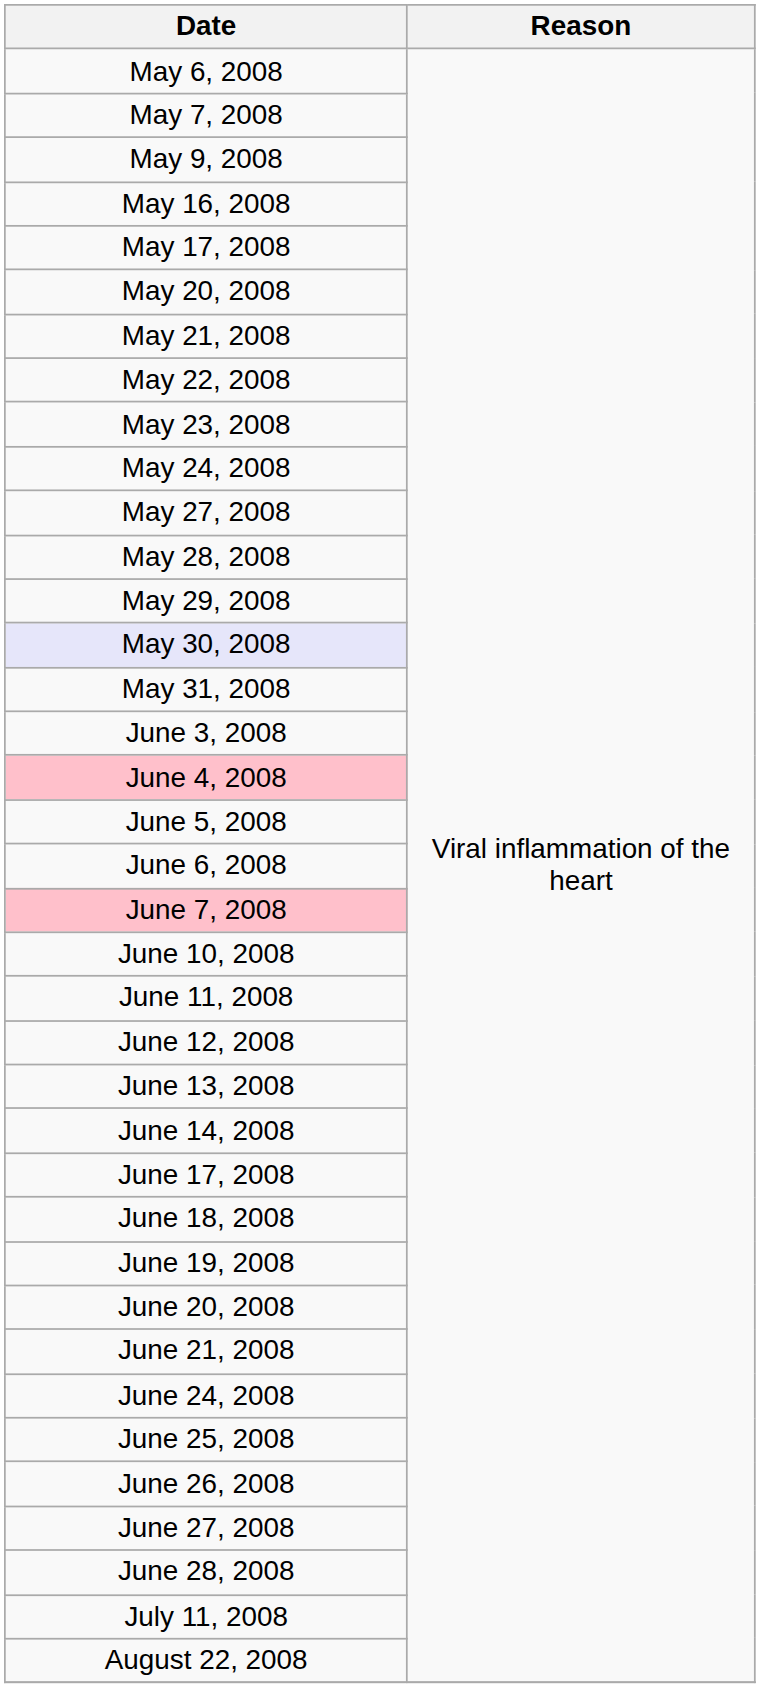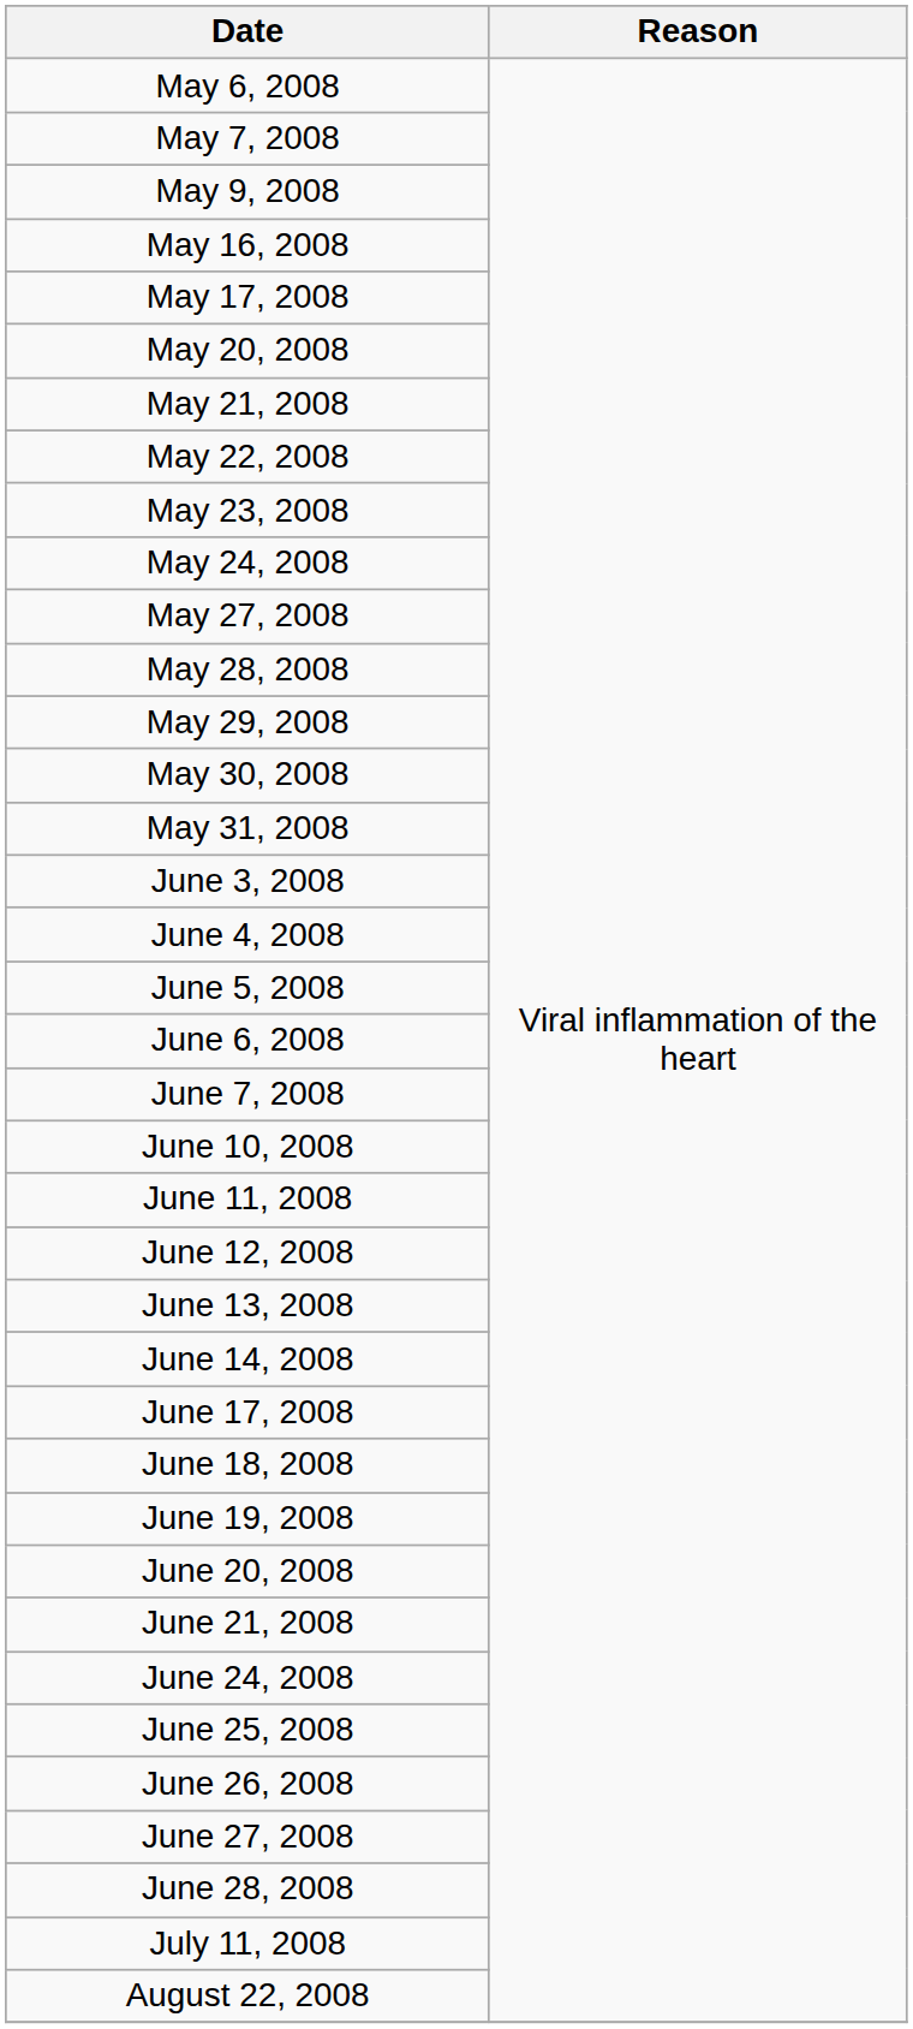 <table class="wikitable" style="text-align:center;">
 <tr>
 <th scope="col" style="width:14em;">Date</th>
 <th scope="col" style="width:12em;">Reason</th>
 </tr>
 <tr>
 <td>May 6, 2008</td>
 <td rowspan="37">Viral inflammation of the heart</td>
 </tr>
 <tr>
 <td>May 7, 2008</td>
 </tr>
 <tr>
 <td>May 9, 2008</td>
 </tr>
 <tr>
 <td>May 16, 2008</td>
 </tr>
 <tr>
 <td>May 17, 2008</td>
 </tr>
 <tr>
 <td>May 20, 2008</td>
 </tr>
 <tr>
 <td>May 21, 2008</td>
 </tr>
 <tr>
 <td>May 22, 2008</td>
 </tr>
 <tr>
 <td>May 23, 2008</td>
 </tr>
 <tr>
 <td>May 24, 2008</td>
 </tr>
 <tr>
 <td>May 27, 2008</td>
 </tr>
 <tr>
 <td>May 28, 2008</td>
 </tr>
 <tr>
 <td>May 29, 2008</td>
 </tr>
 <tr>
-<td style="background: lavender;">May 30, 2008</td>
+<td>May 30, 2008</td>
 </tr>
 <tr>
 <td>May 31, 2008</td>
 </tr>
 <tr>
 <td>June 3, 2008</td>
 </tr>
 <tr>
-<td style="background: pink;">June 4, 2008</td>
+<td>June 4, 2008</td>
 </tr>
 <tr>
 <td>June 5, 2008</td>
 </tr>
 <tr>
 <td>June 6, 2008</td>
 </tr>
 <tr>
-<td style="background: pink;">June 7, 2008</td>
+<td>June 7, 2008</td>
 </tr>
 <tr>
 <td>June 10, 2008</td>
 </tr>
 <tr>
 <td>June 11, 2008</td>
 </tr>
 <tr>
 <td>June 12, 2008</td>
 </tr>
 <tr>
 <td>June 13, 2008</td>
 </tr>
 <tr>
 <td>June 14, 2008</td>
 </tr>
 <tr>
 <td>June 17, 2008</td>
 </tr>
 <tr>
 <td>June 18, 2008</td>
 </tr>
 <tr>
 <td>June 19, 2008</td>
 </tr>
 <tr>
 <td>June 20, 2008</td>
 </tr>
 <tr>
 <td>June 21, 2008</td>
 </tr>
 <tr>
 <td>June 24, 2008</td>
 </tr>
 <tr>
 <td>June 25, 2008</td>
 </tr>
 <tr>
 <td>June 26, 2008</td>
 </tr>
 <tr>
 <td>June 27, 2008</td>
 </tr>
 <tr>
 <td>June 28, 2008</td>
 </tr>
 <tr>
 <td>July 11, 2008</td>
 </tr>
 <tr>
 <td>August 22, 2008</td>
 </tr>
 <tr>
 </tr>
 </table>
